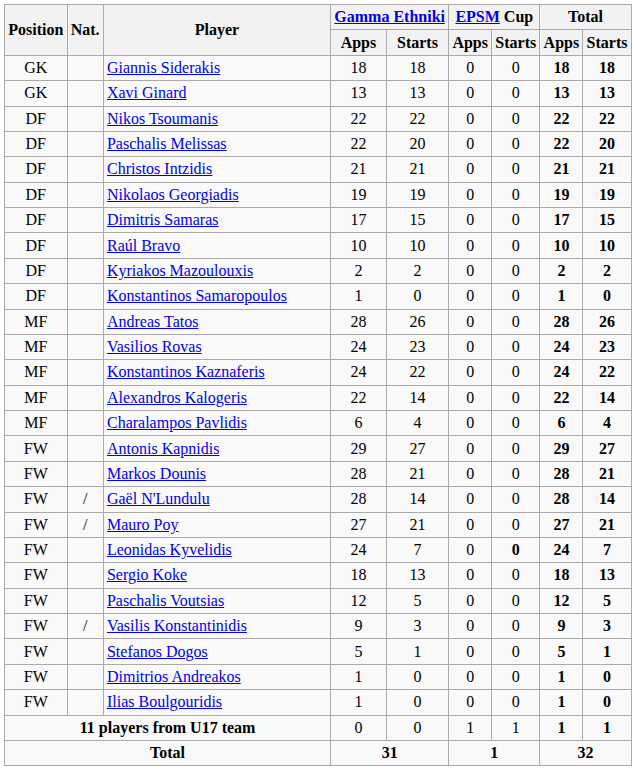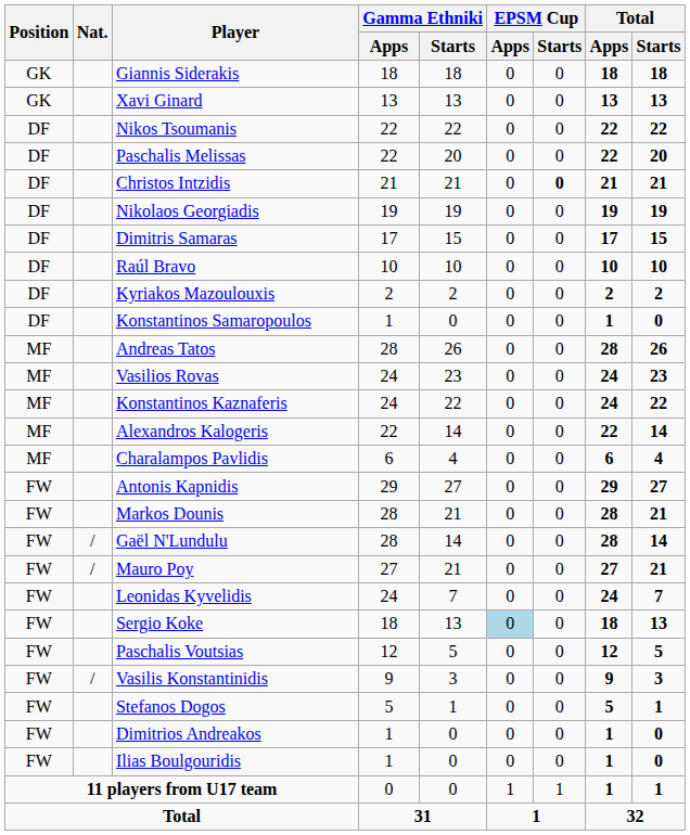 <table class="wikitable sortable" style="text-align:center">
 <tr>
 <th rowspan="2">Position</th>
 <th rowspan="2">Nat.</th>
 <th rowspan="2"; width=220>Player</th>
 <th colspan="2"><a href='#'>Gamma Ethniki</a></th>
 <th colspan="2"><a href='#'>EPSM</a> Cup</th>
 <th colspan="2">Total</th>
 </tr>
 <tr>
 <th>Apps</th>
 <th>Starts</th>
 <th>Apps</th>
 <th>Starts</th>
 <th>Apps</th>
 <th>Starts</th>
 </tr>
 <tr>
 <td>GK</td>
 <td></td>
 <td align=left><a href='#'>Giannis Siderakis</a></td>
 <td>18</td>
 <td>18</td>
 <td>0</td>
 <td>0</td>
 <td><strong>18</strong></td>
 <td><strong>18</strong></td>
 </tr>
 <tr>
 <td>GK</td>
 <td></td>
 <td align=left><a href='#'>Xavi Ginard</a></td>
 <td>13</td>
 <td>13</td>
 <td>0</td>
 <td>0</td>
 <td><strong>13</strong></td>
 <td><strong>13</strong></td>
 </tr>
 <tr>
 <td>DF</td>
 <td></td>
 <td align=left><a href='#'>Nikos Tsoumanis</a></td>
 <td>22</td>
 <td>22</td>
 <td>0</td>
 <td>0</td>
 <td><strong>22</strong></td>
 <td><strong>22</strong></td>
 </tr>
 <tr>
 <td>DF</td>
 <td></td>
 <td align=left><a href='#'>Paschalis Melissas</a></td>
 <td>22</td>
 <td>20</td>
 <td>0</td>
 <td>0</td>
 <td><strong>22</strong></td>
 <td><strong>20</strong></td>
 </tr>
 <tr>
 <td>DF</td>
 <td></td>
 <td align=left><a href='#'>Christos Intzidis</a></td>
 <td>21</td>
 <td>21</td>
 <td>0</td>
-<td>0</td>
+<td><strong>0</strong></td>
 <td><strong>21</strong></td>
 <td><strong>21</strong></td>
 </tr>
 <tr>
 <td>DF</td>
 <td></td>
 <td align=left><a href='#'>Nikolaos Georgiadis</a></td>
 <td>19</td>
 <td>19</td>
 <td>0</td>
 <td>0</td>
 <td><strong>19</strong></td>
 <td><strong>19</strong></td>
 </tr>
 <tr>
 <td>DF</td>
 <td></td>
 <td align=left><a href='#'>Dimitris Samaras</a></td>
 <td>17</td>
 <td>15</td>
 <td>0</td>
 <td>0</td>
 <td><strong>17</strong></td>
 <td><strong>15</strong></td>
 </tr>
 <tr>
 <td>DF</td>
 <td></td>
 <td align=left><a href='#'>Raúl Bravo</a></td>
 <td>10</td>
 <td>10</td>
 <td>0</td>
 <td>0</td>
 <td><strong>10</strong></td>
 <td><strong>10</strong></td>
 </tr>
 <tr>
 <td>DF</td>
 <td></td>
 <td align=left><a href='#'>Kyriakos Mazoulouxis</a></td>
 <td>2</td>
 <td>2</td>
 <td>0</td>
 <td>0</td>
 <td><strong>2</strong></td>
 <td><strong>2</strong></td>
 </tr>
 <tr>
 <td>DF</td>
 <td></td>
 <td align=left><a href='#'>Konstantinos Samaropoulos</a></td>
 <td>1</td>
 <td>0</td>
 <td>0</td>
 <td>0</td>
 <td><strong>1</strong></td>
 <td><strong>0</strong></td>
 </tr>
 <tr>
 <td>MF</td>
 <td></td>
 <td align=left><a href='#'>Andreas Tatos</a></td>
 <td>28</td>
 <td>26</td>
 <td>0</td>
 <td>0</td>
 <td><strong>28</strong></td>
 <td><strong>26</strong></td>
 </tr>
 <tr>
 <td>MF</td>
 <td></td>
 <td align=left><a href='#'>Vasilios Rovas</a></td>
 <td>24</td>
 <td>23</td>
 <td>0</td>
 <td>0</td>
 <td><strong>24</strong></td>
 <td><strong>23</strong></td>
 </tr>
 <tr>
 <td>MF</td>
 <td></td>
 <td align=left><a href='#'>Konstantinos Kaznaferis</a></td>
 <td>24</td>
 <td>22</td>
 <td>0</td>
 <td>0</td>
 <td><strong>24</strong></td>
 <td><strong>22</strong></td>
 </tr>
 <tr>
 <td>MF</td>
 <td></td>
 <td align=left><a href='#'>Alexandros Kalogeris</a></td>
 <td>22</td>
 <td>14</td>
 <td>0</td>
 <td>0</td>
 <td><strong>22</strong></td>
 <td><strong>14</strong></td>
 </tr>
 <tr>
 <td>MF</td>
 <td></td>
 <td align=left><a href='#'>Charalampos Pavlidis</a></td>
 <td>6</td>
 <td>4</td>
 <td>0</td>
 <td>0</td>
 <td><strong>6</strong></td>
 <td><strong>4</strong></td>
 </tr>
 <tr>
 <td>FW</td>
 <td></td>
 <td align=left><a href='#'>Antonis Kapnidis</a></td>
 <td>29</td>
 <td>27</td>
 <td>0</td>
 <td>0</td>
 <td><strong>29</strong></td>
 <td><strong>27</strong></td>
 </tr>
 <tr>
 <td>FW</td>
 <td></td>
 <td align=left><a href='#'>Markos Dounis</a></td>
 <td>28</td>
 <td>21</td>
 <td>0</td>
 <td>0</td>
 <td><strong>28</strong></td>
 <td><strong>21</strong></td>
 </tr>
 <tr>
 <td>FW</td>
 <td> / </td>
 <td align=left><a href='#'>Gaël N'Lundulu</a></td>
 <td>28</td>
 <td>14</td>
 <td>0</td>
 <td>0</td>
 <td><strong>28</strong></td>
 <td><strong>14</strong></td>
 </tr>
 <tr>
 <td>FW</td>
 <td> / </td>
 <td align=left><a href='#'>Mauro Poy</a></td>
 <td>27</td>
 <td>21</td>
 <td>0</td>
 <td>0</td>
 <td><strong>27</strong></td>
 <td><strong>21</strong></td>
 </tr>
 <tr>
 <td>FW</td>
 <td></td>
 <td align=left><a href='#'>Leonidas Kyvelidis</a></td>
 <td>24</td>
 <td>7</td>
 <td>0</td>
-<td><strong>0</strong></td>
+<td>0</td>
 <td><strong>24</strong></td>
 <td><strong>7</strong></td>
 </tr>
 <tr>
 <td>FW</td>
 <td></td>
 <td align=left><a href='#'>Sergio Koke</a></td>
 <td>18</td>
 <td>13</td>
-<td>0</td>
+<td style="background: lightblue;">0</td>
 <td>0</td>
 <td><strong>18</strong></td>
 <td><strong>13</strong></td>
 </tr>
 <tr>
 <td>FW</td>
 <td></td>
 <td align=left><a href='#'>Paschalis Voutsias</a></td>
 <td>12</td>
 <td>5</td>
 <td>0</td>
 <td>0</td>
 <td><strong>12</strong></td>
 <td><strong>5</strong></td>
 </tr>
 <tr>
 <td>FW</td>
 <td> / </td>
 <td align=left><a href='#'>Vasilis Konstantinidis</a></td>
 <td>9</td>
 <td>3</td>
 <td>0</td>
 <td>0</td>
 <td><strong>9</strong></td>
 <td><strong>3</strong></td>
 </tr>
 <tr>
 <td>FW</td>
 <td></td>
 <td align=left><a href='#'>Stefanos Dogos</a></td>
 <td>5</td>
 <td>1</td>
 <td>0</td>
 <td>0</td>
 <td><strong>5</strong></td>
 <td><strong>1</strong></td>
 </tr>
 <tr>
 <td>FW</td>
 <td></td>
 <td align=left><a href='#'>Dimitrios Andreakos</a></td>
 <td>1</td>
 <td>0</td>
 <td>0</td>
 <td>0</td>
 <td><strong>1</strong></td>
 <td><strong>0</strong></td>
 </tr>
 <tr>
 <td>FW</td>
 <td></td>
 <td align=left><a href='#'>Ilias Boulgouridis</a></td>
 <td>1</td>
 <td>0</td>
 <td>0</td>
 <td>0</td>
 <td><strong>1</strong></td>
 <td><strong>0</strong></td>
 </tr>
 <tr>
 <td colspan="3"><strong>11 players from U17 team</strong></td>
 <td>0</td>
 <td>0</td>
 <td>1</td>
 <td>1</td>
 <td><strong>1</strong></td>
 <td><strong>1</strong></td>
 </tr>
 <tr class="sortbottom">
 <td colspan=3><strong>Total</strong></td>
 <td colspan=2><strong>31</strong></td>
 <td colspan=2><strong>1</strong></td>
 <td colspan=2><strong>32</strong></td>
 </tr>
 </table>
